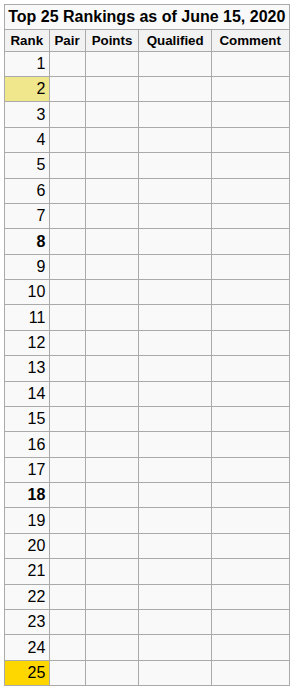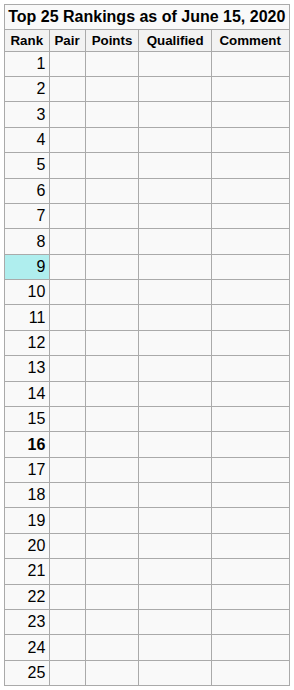 <table class="wikitable">
 <tr>
 <td colspan=5 align="center"><strong>Top 25 Rankings as of June 15, 2020</strong></td>
 </tr>
 <tr>
 </tr>
 <tr style="font-size:10pt;font-weight:bold">
 <th>Rank</th>
 <th>Pair</th>
 <th>Points</th>
 <th>Qualified</th>
 <th>Comment</th>
 </tr>
 <tr>
 <td align=right>1</td>
 <td></td>
 <td align=center></td>
 <td></td>
 <td></td>
 </tr>
 <tr>
-<td align=right style="background: khaki;">2</td>
+<td align=right>2</td>
 <td></td>
 <td align=center></td>
 <td></td>
 <td></td>
 </tr>
 <tr>
 <td align=right>3</td>
 <td></td>
 <td align=center></td>
 <td></td>
 <td></td>
 </tr>
 <tr>
 <td align=right>4</td>
 <td></td>
 <td align=center></td>
 <td></td>
 <td></td>
 </tr>
 <tr>
 <td align=right>5</td>
 <td></td>
 <td align=center></td>
 <td></td>
 <td></td>
 </tr>
 <tr>
 <td align=right>6</td>
 <td></td>
 <td align=center></td>
 <td></td>
 <td></td>
 </tr>
 <tr>
 <td align=right>7</td>
 <td></td>
 <td align=center></td>
 <td></td>
 <td></td>
 </tr>
 <tr>
-<td align=right><strong>8</strong></td>
+<td align=right>8</td>
 <td></td>
 <td align=center></td>
 <td></td>
 <td></td>
 </tr>
 <tr>
-<td align=right>9</td>
+<td align=right style="background: paleturquoise;">9</td>
 <td></td>
 <td align=center></td>
 <td></td>
 <td></td>
 </tr>
 <tr>
 <td align=right>10</td>
 <td></td>
 <td align=center></td>
 <td></td>
 <td></td>
 </tr>
 <tr>
 <td align=right>11</td>
 <td></td>
 <td align=center></td>
 <td></td>
 <td></td>
 </tr>
 <tr>
 <td align=right>12</td>
 <td></td>
 <td align=center></td>
 <td></td>
 <td></td>
 </tr>
 <tr>
 <td align=right>13</td>
 <td></td>
 <td align=center></td>
 <td></td>
 <td></td>
 </tr>
 <tr>
 <td align=right>14</td>
 <td></td>
 <td align=center></td>
 <td></td>
 <td></td>
 </tr>
 <tr>
 <td align=right>15</td>
 <td></td>
 <td align=center></td>
 <td></td>
 <td></td>
 </tr>
 <tr>
-<td align=right>16</td>
+<td align=right><strong>16</strong></td>
 <td></td>
 <td align=center></td>
 <td></td>
 <td></td>
 </tr>
 <tr>
 <td align=right>17</td>
 <td></td>
 <td align=center></td>
 <td></td>
 <td></td>
 </tr>
 <tr>
-<td align=right><strong>18</strong></td>
+<td align=right>18</td>
 <td></td>
 <td align=center></td>
 <td></td>
 <td></td>
 </tr>
 <tr>
 <td align=right>19</td>
 <td></td>
 <td align=center></td>
 <td></td>
 <td></td>
 </tr>
 <tr>
 <td align=right>20</td>
 <td></td>
 <td align=center></td>
 <td></td>
 <td></td>
 </tr>
 <tr>
 <td align=right>21</td>
 <td></td>
 <td align=center></td>
 <td></td>
 <td></td>
 </tr>
 <tr>
 <td align=right>22</td>
 <td></td>
 <td align=center></td>
 <td></td>
 <td></td>
 </tr>
 <tr>
 <td align=right>23</td>
 <td></td>
 <td align=center></td>
 <td></td>
 <td></td>
 </tr>
 <tr>
 <td align=right>24</td>
 <td></td>
 <td align=center></td>
 <td></td>
 <td></td>
 </tr>
 <tr>
-<td align=right style="background: gold;">25</td>
+<td align=right>25</td>
 <td></td>
 <td align=center></td>
 <td></td>
 <td></td>
 </tr>
 </table>
